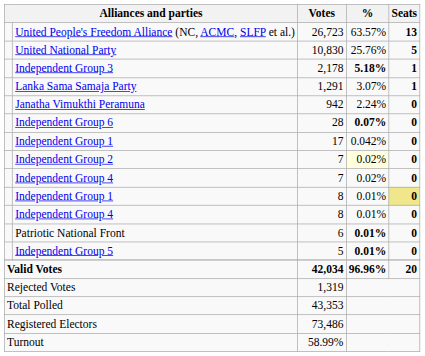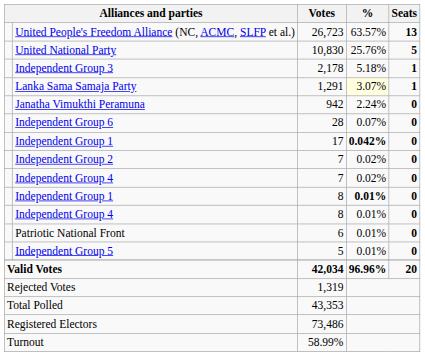 <table class="wikitable" border="1" style="text-align:right">
 <tr>
 <th valign=bottom align=left colspan=2>Alliances and parties</th>
 <th valign=bottom align=center width="60">Votes</th>
 <th valign=bottom align=center width="50">%</th>
 <th valign=bottom align=center>Seats</th>
 </tr>
 <tr>
 <td bgcolor=> </td>
 <td align=left><a href='#'>United People's Freedom Alliance</a> (NC, <a href='#'>ACMC</a>, <a href='#'>SLFP</a> et al.)</td>
 <td>26,723</td>
 <td>63.57%</td>
 <td><strong>13</strong></td>
 </tr>
 <tr>
 <td bgcolor=> </td>
 <td align=left><a href='#'>United National Party</a></td>
 <td>10,830</td>
 <td>25.76%</td>
 <td><strong>5</strong></td>
 </tr>
 <tr>
 <td></td>
 <td align=left><a href='#'>Independent Group 3</a></td>
 <td>2,178</td>
-<td><strong>5.18%</strong></td>
+<td>5.18%</td>
 <td><strong>1</strong></td>
 </tr>
 <tr>
 <td bgcolor=> </td>
 <td align=left><a href='#'>Lanka Sama Samaja Party</a></td>
 <td>1,291</td>
-<td>3.07%</td>
+<td style="background: lightyellow;">3.07%</td>
 <td><strong>1</strong></td>
 </tr>
 <tr>
 <td bgcolor=> </td>
 <td align=left><a href='#'>Janatha Vimukthi Peramuna</a></td>
 <td>942</td>
 <td>2.24%</td>
 <td><strong>0</strong></td>
 </tr>
 <tr>
 <td></td>
 <td align=left><a href='#'>Independent Group 6</a></td>
 <td>28</td>
-<td><strong>0.07%</strong></td>
+<td>0.07%</td>
 <td><strong>0</strong></td>
 </tr>
 <tr>
 <td></td>
 <td align=left><a href='#'>Independent Group 1</a></td>
 <td>17</td>
-<td>0.042%</td>
+<td><strong>0.042%</strong></td>
 <td><strong>0</strong></td>
 </tr>
 <tr>
 <td></td>
 <td align=left><a href='#'>Independent Group 2</a></td>
 <td>7</td>
-<td style="background: lightyellow;">0.02%</td>
+<td>0.02%</td>
 <td><strong>0</strong></td>
 </tr>
 <tr>
 <td></td>
 <td align=left><a href='#'>Independent Group 4</a></td>
 <td>7</td>
 <td>0.02%</td>
 <td><strong>0</strong></td>
 </tr>
 <tr>
 <td></td>
 <td align=left><a href='#'>Independent Group 1</a></td>
 <td>8</td>
-<td>0.01%</td>
-<td style="background: khaki;"><strong>0</strong></td>
+<td><strong>0.01%</strong></td>
+<td><strong>0</strong></td>
 </tr>
 <tr>
 <td></td>
 <td align=left><a href='#'>Independent Group 4</a></td>
 <td>8</td>
 <td>0.01%</td>
 <td><strong>0</strong></td>
 </tr>
 <tr>
 <td></td>
 <td align=left>Patriotic National Front</td>
 <td>6</td>
-<td><strong>0.01%</strong></td>
+<td>0.01%</td>
 <td><strong>0</strong></td>
 </tr>
 <tr>
 <td></td>
 <td align=left><a href='#'>Independent Group 5</a></td>
 <td>5</td>
-<td><strong>0.01%</strong></td>
+<td>0.01%</td>
 <td><strong>0</strong></td>
 </tr>
 <tr>
 </tr>
 <tr>
 <td colspan=2 align=left><strong>Valid Votes</strong></td>
 <td><strong>42,034</strong></td>
 <td><strong>96.96%</strong></td>
 <td><strong>20</strong></td>
 </tr>
 <tr>
 <td colspan=2 align=left>Rejected Votes</td>
 <td>1,319</td>
 <td colspan=2></td>
 </tr>
 <tr>
 <td colspan=2 align=left>Total Polled</td>
 <td>43,353</td>
 <td colspan=2></td>
 </tr>
 <tr>
 <td colspan=2 align=left>Registered Electors</td>
 <td>73,486</td>
 <td colspan=2></td>
 </tr>
 <tr>
 <td colspan=2 align=left>Turnout</td>
 <td>58.99%</td>
 <td colspan=2></td>
 </tr>
 </table>
